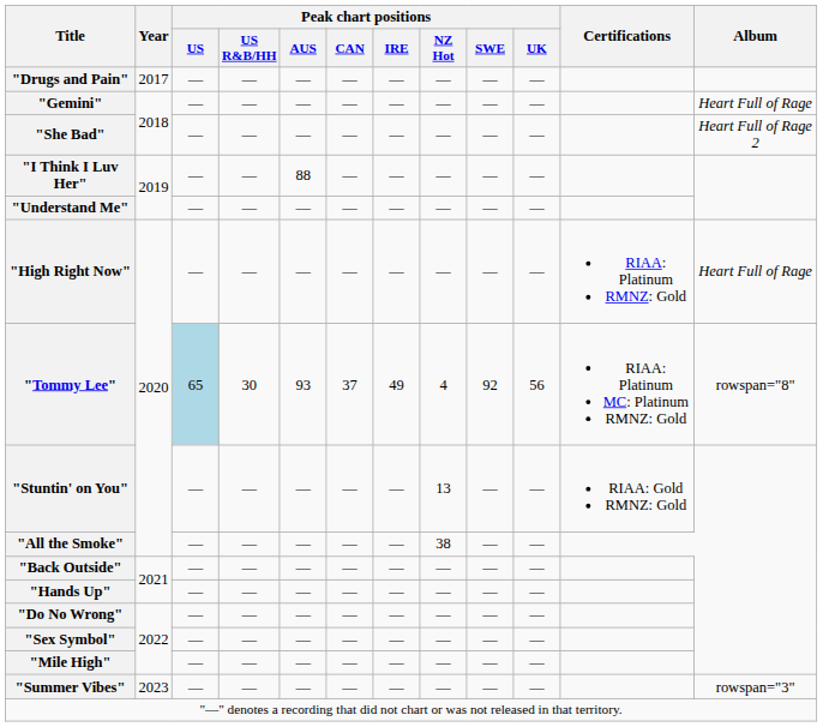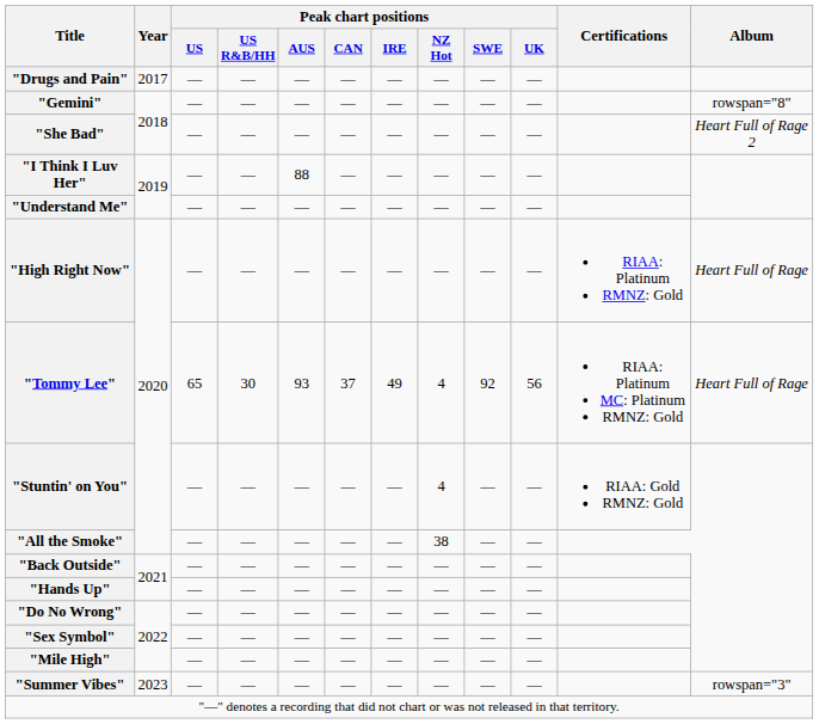 <table class="wikitable plainrowheaders"  style="text-align:center;">
 <tr>
 <th rowspan="2">Title</th>
 <th rowspan="2">Year</th>
 <th colspan="8">Peak chart positions</th>
 <th rowspan="2">Certifications</th>
 <th rowspan="2">Album</th>
 </tr>
 <tr>
 <th scope="col" style="width:3em;font-size:90%;"><a href='#'>US</a><br></th>
 <th scope="col" style="width:3em;font-size:90%;"><a href='#'>US<br>R&B/HH</a><br></th>
 <th scope="col" style="width:3em;font-size:90%;"><a href='#'>AUS</a><br></th>
 <th scope="col" style="width:3em;font-size:90%;"><a href='#'>CAN</a><br></th>
 <th scope="col" style="width:3em;font-size:90%;"><a href='#'>IRE</a><br></th>
 <th scope="col" style="width:3em;font-size:90%;"><a href='#'>NZ<br>Hot</a><br></th>
 <th scope="col" style="width:3em;font-size:90%;"><a href='#'>SWE</a><br></th>
 <th scope="col" style="width:3em;font-size:90%;"><a href='#'>UK</a><br></th>
 </tr>
 <tr>
 <th scope="row">"Drugs and Pain"</th>
 <td>2017</td>
 <td>—</td>
 <td>—</td>
 <td>—</td>
 <td>—</td>
 <td>—</td>
 <td>—</td>
 <td>—</td>
 <td>—</td>
 <td></td>
 <td></td>
 </tr>
 <tr>
 <th scope="row">"Gemini"</th>
 <td rowspan="2">2018</td>
 <td>—</td>
 <td>—</td>
 <td>—</td>
 <td>—</td>
 <td>—</td>
 <td>—</td>
 <td>—</td>
 <td>—</td>
 <td></td>
-<td><em>Heart Full of Rage</em></td>
+<td>rowspan="8" </td>
 </tr>
 <tr>
 <th scope="row">"She Bad"</th>
 <td>—</td>
 <td>—</td>
 <td>—</td>
 <td>—</td>
 <td>—</td>
 <td>—</td>
 <td>—</td>
 <td>—</td>
 <td></td>
 <td><em>Heart Full of Rage 2</em></td>
 </tr>
 <tr>
 <th scope="row">"I Think I Luv Her"<br></th>
 <td rowspan="2">2019</td>
 <td>—</td>
 <td>—</td>
 <td>88</td>
 <td>—</td>
 <td>—</td>
 <td>—</td>
 <td>—</td>
 <td>—</td>
 <td></td>
 </tr>
 <tr>
 <th scope="row">"Understand Me"</th>
 <td>—</td>
 <td>—</td>
 <td>—</td>
 <td>—</td>
 <td>—</td>
 <td>—</td>
 <td>—</td>
 <td>—</td>
 <td></td>
 </tr>
 <tr>
 <th scope="row">"High Right Now"<br></th>
 <td rowspan="4">2020</td>
 <td>—</td>
 <td>—</td>
 <td>—</td>
 <td>—</td>
 <td>—</td>
 <td>—</td>
 <td>—</td>
 <td>—</td>
 <td><br><ul><li><a href='#'>RIAA</a>: Platinum</li><li><a href='#'>RMNZ</a>: Gold</li></ul></td>
 <td><em>Heart Full of Rage</em></td>
 </tr>
 <tr>
 <th scope="row">"<a href='#'>Tommy Lee</a>"<br></th>
-<td style="background: lightblue;">65</td>
+<td>65</td>
 <td>30</td>
 <td>93</td>
 <td>37</td>
 <td>49</td>
 <td>4</td>
 <td>92</td>
 <td>56</td>
 <td><br><ul><li>RIAA: Platinum</li><li><a href='#'>MC</a>: Platinum</li><li>RMNZ: Gold</li></ul></td>
-<td>rowspan="8" </td>
+<td><em>Heart Full of Rage</em></td>
 </tr>
 <tr>
 <th scope="row">"Stuntin' on You"<br></th>
 <td>—</td>
 <td>—</td>
 <td>—</td>
 <td>—</td>
 <td>—</td>
-<td>13</td>
+<td>4</td>
 <td>—</td>
 <td>—</td>
 <td><br><ul><li>RIAA: Gold</li><li>RMNZ: Gold</li></ul></td>
 </tr>
 <tr>
 <th scope="row">"All the Smoke"<br></th>
 <td>—</td>
 <td>—</td>
 <td>—</td>
 <td>—</td>
 <td>—</td>
 <td>38</td>
 <td>—</td>
 <td>—</td>
 </tr>
 <tr>
 <th scope="row">"Back Outside"</th>
 <td rowspan="2">2021</td>
 <td>—</td>
 <td>—</td>
 <td>—</td>
 <td>—</td>
 <td>—</td>
 <td>—</td>
 <td>—</td>
 <td>—</td>
 <td></td>
 </tr>
 <tr>
 <th scope="row">"Hands Up"<br></th>
 <td>—</td>
 <td>—</td>
 <td>—</td>
 <td>—</td>
 <td>—</td>
 <td>—</td>
 <td>—</td>
 <td>—</td>
 <td></td>
 </tr>
 <tr>
 <th scope="row">"Do No Wrong"<br></th>
 <td rowspan="3">2022</td>
 <td>—</td>
 <td>—</td>
 <td>—</td>
 <td>—</td>
 <td>—</td>
 <td>—</td>
 <td>—</td>
 <td>—</td>
 <td></td>
 </tr>
 <tr>
 <th scope="row">"Sex Symbol"</th>
 <td>—</td>
 <td>—</td>
 <td>—</td>
 <td>—</td>
 <td>—</td>
 <td>—</td>
 <td>—</td>
 <td>—</td>
 <td></td>
 </tr>
 <tr>
 <th scope="row">"Mile High"</th>
 <td>—</td>
 <td>—</td>
 <td>—</td>
 <td>—</td>
 <td>—</td>
 <td>—</td>
 <td>—</td>
 <td>—</td>
 <td></td>
 </tr>
 <tr>
 <th scope="row">"Summer Vibes"</th>
 <td>2023</td>
 <td>—</td>
 <td>—</td>
 <td>—</td>
 <td>—</td>
 <td>—</td>
 <td>—</td>
 <td>—</td>
 <td>—</td>
 <td></td>
 <td>rowspan="3" </td>
 </tr>
 <tr>
 <td colspan="12" style="font-size:90%">"—" denotes a recording that did not chart or was not released in that territory.</td>
 </tr>
 </table>
